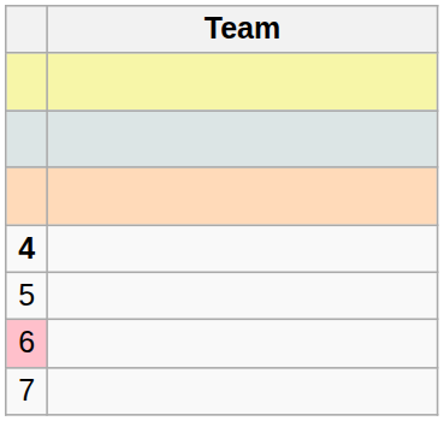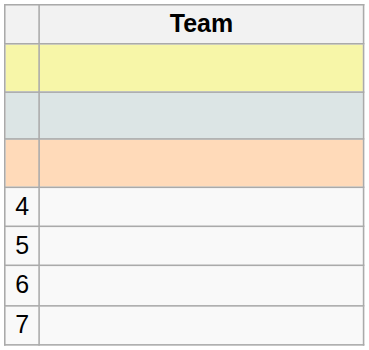 <table class="wikitable" style="text-align:center">
 <tr>
 <th width=15></th>
 <th width=200>Team</th>
 </tr>
 <tr style="background:#f7f6a8;">
 <td style="text-align:center; height:23px;"></td>
 <td align=left></td>
 </tr>
 <tr style="background:#dce5e5;">
 <td style="text-align:center; height:23px;"></td>
 <td align=left></td>
 </tr>
 <tr style="background:#ffdab9;">
 <td style="text-align:center; height:23px;"></td>
 <td align=left></td>
 </tr>
 <tr>
-<td><strong>4</strong></td>
+<td>4</td>
 <td align=left></td>
 </tr>
 <tr>
 <td>5</td>
 <td align=left></td>
 </tr>
 <tr>
-<td style="background: pink;">6</td>
+<td>6</td>
 <td align=left></td>
 </tr>
 <tr>
 <td>7</td>
 <td align=left></td>
 </tr>
 </table>
